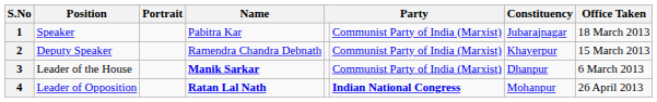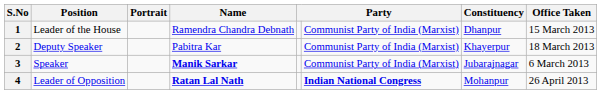 <table class="wikitable sortable">
 <tr>
 <th>S.No</th>
 <th>Position</th>
 <th>Portrait</th>
 <th>Name</th>
 <th colspan="2">Party</th>
 <th>Constituency</th>
 <th>Office Taken</th>
 </tr>
 <tr>
 <th>1</th>
-<td><a href='#'>Speaker</a></td>
+<td>Leader of the House <br></td>
 <td></td>
-<td><a href='#'>Pabitra Kar</a></td>
+<td><a href='#'>Ramendra Chandra Debnath</a></td>
 <td style="background:"></td>
 <td><a href='#'>Communist Party of India (Marxist)</a></td>
-<td><a href='#'>Jubarajnagar</a></td>
-<td>18 March 2013</td>
+<td><a href='#'>Dhanpur</a></td>
+<td>15 March 2013</td>
 </tr>
 <tr>
 <th>2</th>
 <td><a href='#'>Deputy Speaker</a></td>
 <td></td>
-<td><a href='#'>Ramendra Chandra Debnath</a></td>
+<td><a href='#'>Pabitra Kar</a></td>
 <td style="background:"></td>
 <td><a href='#'>Communist Party of India (Marxist)</a></td>
 <td><a href='#'>Khayerpur</a></td>
-<td>15 March 2013</td>
+<td>18 March 2013</td>
 </tr>
 <tr>
 <th>3</th>
-<td>Leader of the House <br></td>
+<td><a href='#'>Speaker</a></td>
 <td></td>
 <td><strong><a href='#'>Manik Sarkar</a></strong></td>
 <td rowspan="1" style="background:"></td>
 <td rowspan="1"><a href='#'>Communist Party of India (Marxist)</a></td>
-<td><a href='#'>Dhanpur</a></td>
+<td><a href='#'>Jubarajnagar</a></td>
 <td rowspan="1">6 March 2013</td>
 </tr>
 <tr>
 <th>4</th>
 <td><a href='#'>Leader of Opposition</a></td>
 <td></td>
 <td><strong><a href='#'>Ratan Lal Nath</a></strong></td>
 <td style="background:"></td>
 <td><strong><a href='#'>Indian National Congress</a></strong></td>
 <td><a href='#'>Mohanpur</a></td>
 <td>26 April 2013</td>
 </tr>
 </table>
